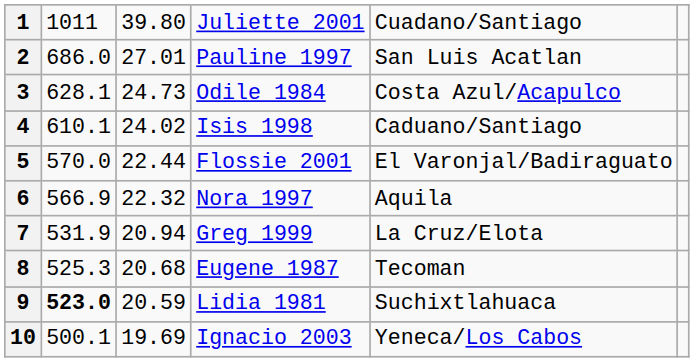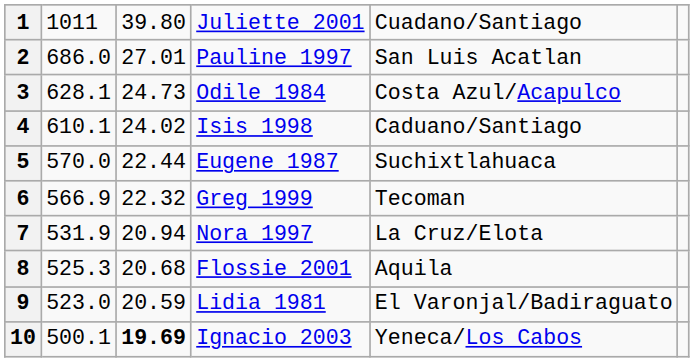 <table class="wikitable">
 <tr>
 <th scope="row">1</th>
 <td>1011</td>
 <td>39.80</td>
 <td><a href='#'>Juliette 2001</a></td>
 <td>Cuadano/Santiago</td>
 <td></td>
 </tr>
 <tr>
 <th scope="row">2</th>
 <td>686.0</td>
 <td>27.01</td>
 <td><a href='#'>Pauline 1997</a></td>
 <td>San Luis Acatlan</td>
 <td></td>
 </tr>
 <tr>
 <th scope="row">3</th>
 <td>628.1</td>
 <td>24.73</td>
 <td><a href='#'>Odile 1984</a></td>
 <td>Costa Azul/<a href='#'>Acapulco</a></td>
 <td></td>
 </tr>
 <tr>
 <th scope="row">4</th>
 <td>610.1</td>
 <td>24.02</td>
 <td><a href='#'>Isis 1998</a></td>
 <td>Caduano/Santiago</td>
 <td></td>
 </tr>
 <tr>
 <th scope="row">5</th>
 <td>570.0</td>
 <td>22.44</td>
-<td><a href='#'>Flossie 2001</a></td>
-<td>El Varonjal/Badiraguato</td>
+<td><a href='#'>Eugene 1987</a></td>
+<td>Suchixtlahuaca</td>
 <td></td>
 </tr>
 <tr>
 <th scope="row">6</th>
 <td>566.9</td>
 <td>22.32</td>
-<td><a href='#'>Nora 1997</a></td>
-<td>Aquila</td>
+<td><a href='#'>Greg 1999</a></td>
+<td>Tecoman</td>
 <td></td>
 </tr>
 <tr>
 <th scope="row">7</th>
 <td>531.9</td>
 <td>20.94</td>
-<td><a href='#'>Greg 1999</a></td>
+<td><a href='#'>Nora 1997</a></td>
 <td>La Cruz/Elota</td>
 <td></td>
 </tr>
 <tr>
 <th scope="row">8</th>
 <td>525.3</td>
 <td>20.68</td>
-<td><a href='#'>Eugene 1987</a></td>
-<td>Tecoman</td>
+<td><a href='#'>Flossie 2001</a></td>
+<td>Aquila</td>
 <td></td>
 </tr>
 <tr>
 <th scope="row">9</th>
-<td><strong>523.0</strong></td>
+<td>523.0</td>
 <td>20.59</td>
 <td><a href='#'>Lidia 1981</a></td>
-<td>Suchixtlahuaca</td>
+<td>El Varonjal/Badiraguato</td>
 <td></td>
 </tr>
 <tr>
 <th scope="row">10</th>
 <td>500.1</td>
-<td>19.69</td>
+<td><strong>19.69</strong></td>
 <td><a href='#'>Ignacio 2003</a></td>
 <td>Yeneca/<a href='#'>Los Cabos</a></td>
 <td></td>
 </tr>
 </table>
